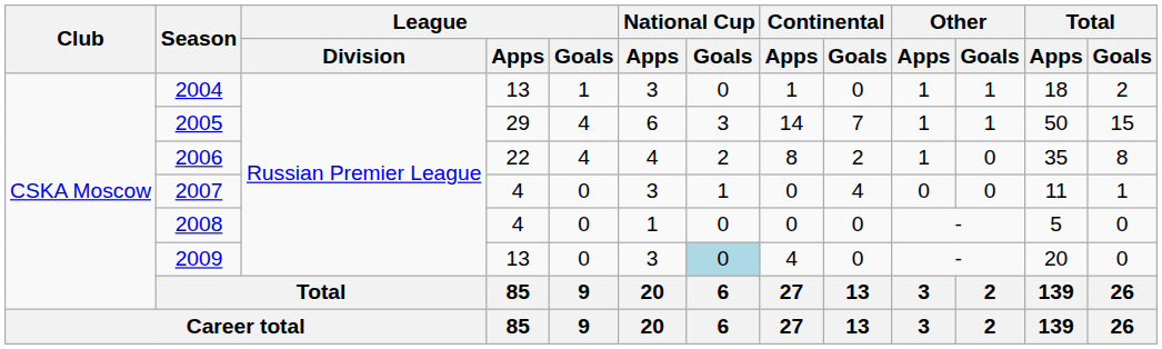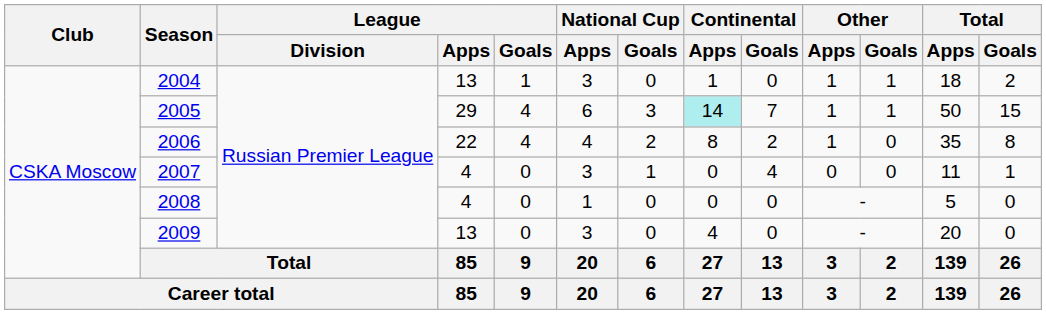 <table class="wikitable" style="text-align: center;">
 <tr>
 <th rowspan="2">Club</th>
 <th rowspan="2">Season</th>
 <th colspan="3">League</th>
 <th colspan="2">National Cup</th>
 <th colspan="2">Continental</th>
 <th colspan="2">Other</th>
 <th colspan="2">Total</th>
 </tr>
 <tr>
 <th>Division</th>
 <th>Apps</th>
 <th>Goals</th>
 <th>Apps</th>
 <th>Goals</th>
 <th>Apps</th>
 <th>Goals</th>
 <th>Apps</th>
 <th>Goals</th>
 <th>Apps</th>
 <th>Goals</th>
 </tr>
 <tr>
 <td rowspan="7"><a href='#'>CSKA Moscow</a></td>
 <td><a href='#'>2004</a></td>
 <td rowspan="6"><a href='#'>Russian Premier League</a></td>
 <td>13</td>
 <td>1</td>
 <td>3</td>
 <td>0</td>
 <td>1</td>
 <td>0</td>
 <td>1</td>
 <td>1</td>
 <td>18</td>
 <td>2</td>
 </tr>
 <tr>
 <td><a href='#'>2005</a></td>
 <td>29</td>
 <td>4</td>
 <td>6</td>
 <td>3</td>
-<td>14</td>
+<td style="background: paleturquoise;">14</td>
 <td>7</td>
 <td>1</td>
 <td>1</td>
 <td>50</td>
 <td>15</td>
 </tr>
 <tr>
 <td><a href='#'>2006</a></td>
 <td>22</td>
 <td>4</td>
 <td>4</td>
 <td>2</td>
 <td>8</td>
 <td>2</td>
 <td>1</td>
 <td>0</td>
 <td>35</td>
 <td>8</td>
 </tr>
 <tr>
 <td><a href='#'>2007</a></td>
 <td>4</td>
 <td>0</td>
 <td>3</td>
 <td>1</td>
 <td>0</td>
 <td>4</td>
 <td>0</td>
 <td>0</td>
 <td>11</td>
 <td>1</td>
 </tr>
 <tr>
 <td><a href='#'>2008</a></td>
 <td>4</td>
 <td>0</td>
 <td>1</td>
 <td>0</td>
 <td>0</td>
 <td>0</td>
 <td colspan="2">-</td>
 <td>5</td>
 <td>0</td>
 </tr>
 <tr>
 <td><a href='#'>2009</a></td>
 <td>13</td>
 <td>0</td>
 <td>3</td>
-<td style="background: lightblue;">0</td>
+<td>0</td>
 <td>4</td>
 <td>0</td>
 <td colspan="2">-</td>
 <td>20</td>
 <td>0</td>
 </tr>
 <tr>
 <th colspan="2">Total</th>
 <th>85</th>
 <th>9</th>
 <th>20</th>
 <th>6</th>
 <th>27</th>
 <th>13</th>
 <th>3</th>
 <th>2</th>
 <th>139</th>
 <th>26</th>
 </tr>
 <tr>
 <th colspan="3">Career total</th>
 <th>85</th>
 <th>9</th>
 <th>20</th>
 <th>6</th>
 <th>27</th>
 <th>13</th>
 <th>3</th>
 <th>2</th>
 <th>139</th>
 <th>26</th>
 </tr>
 </table>
